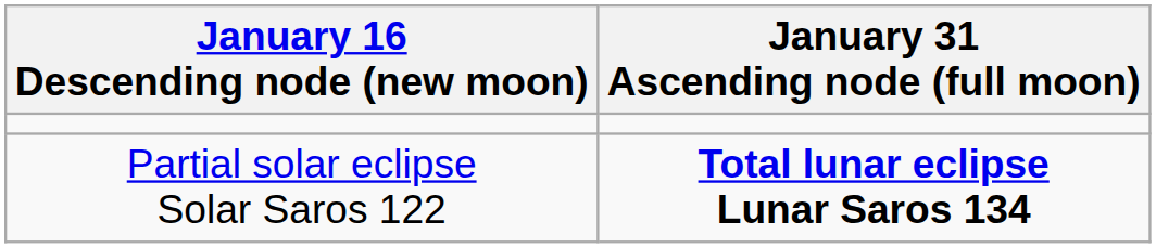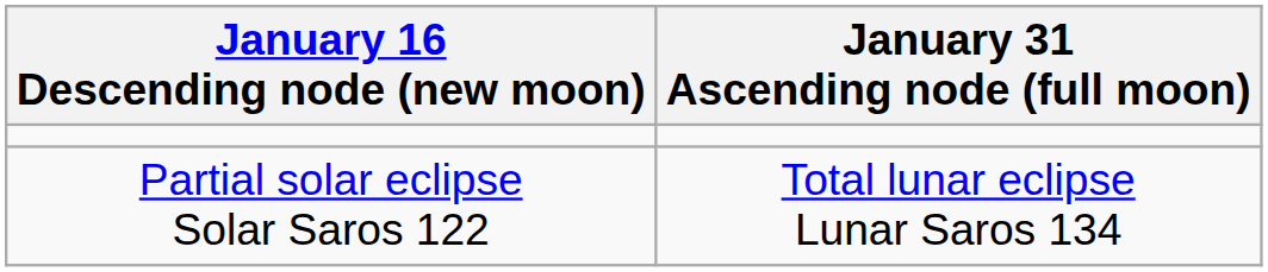 <table class="wikitable">
 <tr>
 <th><a href='#'>January 16</a><br>Descending node (new moon)<br></th>
 <th>January 31<br>Ascending node (full moon)<br></th>
 </tr>
 <tr>
 <td></td>
 <td></td>
 </tr>
 <tr align=center>
 <td><a href='#'>Partial solar eclipse</a><br>Solar Saros 122</td>
-<td><strong><a href='#'>Total lunar eclipse</a><br>Lunar Saros 134</strong></td>
+<td><a href='#'>Total lunar eclipse</a><br>Lunar Saros 134</td>
 </tr>
 </table>
